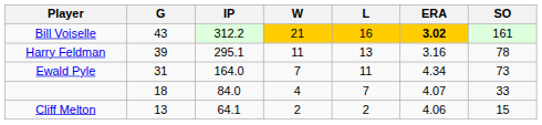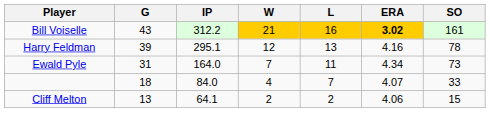 <table class="wikitable sortable">
 <tr>
 <th bgcolor="#DDDDFF" width="16%">Player</th>
 <th bgcolor="#DDDDFF" width="9%">G</th>
 <th bgcolor="#DDDDFF" width="9%">IP</th>
 <th bgcolor="#DDDDFF" width="9%">W</th>
 <th bgcolor="#DDDDFF" width="9%">L</th>
 <th bgcolor="#DDDDFF" width="9%">ERA</th>
 <th bgcolor="#DDDDFF" width="9%">SO</th>
 </tr>
 <tr align="center">
 <td><a href='#'>Bill Voiselle</a></td>
 <td>43</td>
 <td style="background:#DDFFDD;">312.2</td>
 <td style="background:#fc0;">21</td>
 <td style="background:#fc0;">16</td>
 <td style="background:#fc0;"><strong>3.02</strong></td>
 <td style="background:#DDFFDD;">161</td>
 </tr>
 <tr align=center>
 <td><a href='#'>Harry Feldman</a></td>
 <td>39</td>
 <td>295.1</td>
-<td>11</td>
+<td>12</td>
 <td>13</td>
-<td>3.16</td>
+<td>4.16</td>
 <td>78</td>
 </tr>
 <tr align=center>
 <td><a href='#'>Ewald Pyle</a></td>
 <td>31</td>
 <td>164.0</td>
 <td>7</td>
 <td>11</td>
 <td>4.34</td>
 <td>73</td>
 </tr>
 <tr align=center>
 <td></td>
 <td>18</td>
 <td>84.0</td>
 <td>4</td>
 <td>7</td>
 <td>4.07</td>
 <td>33</td>
 </tr>
 <tr align="center">
 <td><a href='#'>Cliff Melton</a></td>
 <td>13</td>
 <td>64.1</td>
 <td>2</td>
 <td>2</td>
 <td>4.06</td>
 <td>15</td>
 </tr>
 </table>
